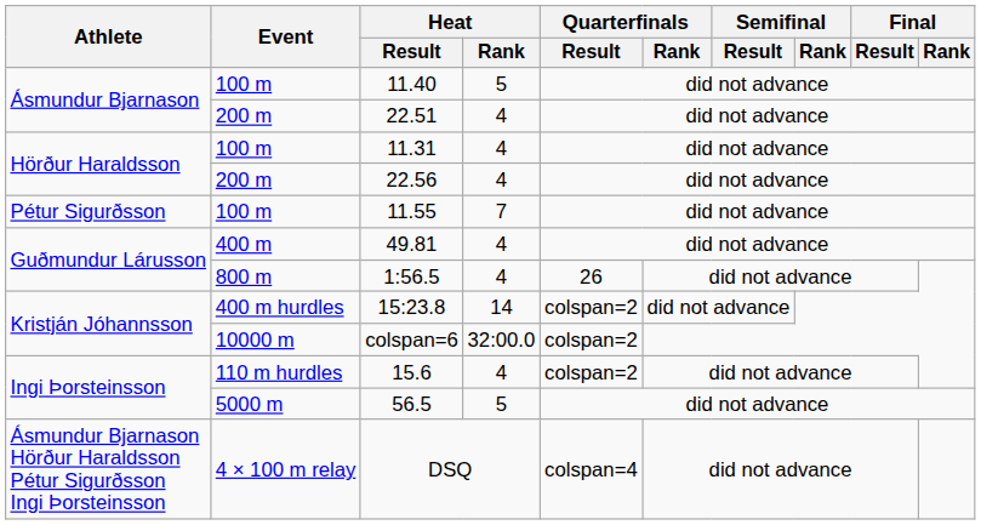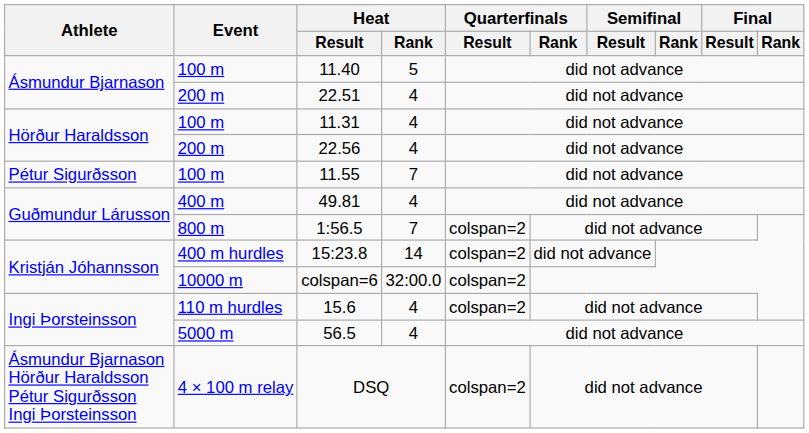 <table class="wikitable" style="font-size:90%">
 <tr>
 <th rowspan="2">Athlete</th>
 <th rowspan="2">Event</th>
 <th colspan="2">Heat</th>
 <th colspan="2">Quarterfinals</th>
 <th colspan="2">Semifinal</th>
 <th colspan="2">Final</th>
 </tr>
 <tr style="font-size:95%">
 <th>Result</th>
 <th>Rank</th>
 <th>Result</th>
 <th>Rank</th>
 <th>Result</th>
 <th>Rank</th>
 <th>Result</th>
 <th>Rank</th>
 </tr>
 <tr align=center>
 <td align=left rowspan=2><a href='#'>Ásmundur Bjarnason</a></td>
 <td align=left><a href='#'>100 m</a></td>
 <td>11.40</td>
 <td>5</td>
 <td colspan=6>did not advance</td>
 </tr>
 <tr align=center>
 <td align=left><a href='#'>200 m</a></td>
 <td>22.51</td>
 <td>4</td>
 <td colspan=6>did not advance</td>
 </tr>
 <tr align=center>
 <td align=left rowspan=2><a href='#'>Hörður Haraldsson</a></td>
 <td align=left><a href='#'>100 m</a></td>
 <td>11.31</td>
 <td>4</td>
 <td colspan=6>did not advance</td>
 </tr>
 <tr align=center>
 <td align=left><a href='#'>200 m</a></td>
 <td>22.56</td>
 <td>4</td>
 <td colspan=6>did not advance</td>
 </tr>
 <tr align=center>
 <td align=left><a href='#'>Pétur Sigurðsson</a></td>
 <td align=left><a href='#'>100 m</a></td>
 <td>11.55</td>
 <td>7</td>
 <td colspan=6>did not advance</td>
 </tr>
 <tr align=center>
 <td align=left rowspan=2><a href='#'>Guðmundur Lárusson</a></td>
 <td align=left><a href='#'>400 m</a></td>
 <td>49.81</td>
 <td>4</td>
 <td colspan=6>did not advance</td>
 </tr>
 <tr align=center>
 <td align=left><a href='#'>800 m</a></td>
 <td>1:56.5</td>
-<td>4</td>
-<td>26</td>
+<td>7</td>
+<td>colspan=2 </td>
 <td colspan=4>did not advance</td>
 </tr>
 <tr align=center>
 <td align=left rowspan=2><a href='#'>Kristján Jóhannsson</a></td>
 <td align=left><a href='#'>400 m hurdles</a></td>
 <td>15:23.8</td>
 <td>14</td>
 <td>colspan=2 </td>
 <td colspan=2>did not advance</td>
 </tr>
 <tr align=center>
 <td align=left><a href='#'>10000 m</a></td>
 <td>colspan=6 </td>
 <td>32:00.0</td>
 <td>colspan=2 </td>
 </tr>
 <tr align=center>
 <td align=left rowspan=2><a href='#'>Ingi Þorsteinsson</a></td>
 <td align=left><a href='#'>110 m hurdles</a></td>
 <td>15.6</td>
 <td>4</td>
 <td>colspan=2 </td>
 <td colspan=4>did not advance</td>
 </tr>
 <tr align=center>
 <td align=left><a href='#'>5000 m</a></td>
 <td>56.5</td>
-<td>5</td>
+<td>4</td>
 <td colspan=6>did not advance</td>
 </tr>
 <tr align=center>
 <td align=left><a href='#'>Ásmundur Bjarnason</a><br><a href='#'>Hörður Haraldsson</a><br><a href='#'>Pétur Sigurðsson</a><br><a href='#'>Ingi Þorsteinsson</a></td>
 <td align=left><a href='#'>4 × 100 m relay</a></td>
 <td colspan=2>DSQ</td>
-<td>colspan=4 </td>
+<td>colspan=2 </td>
 <td colspan=4>did not advance</td>
 </tr>
 </table>
